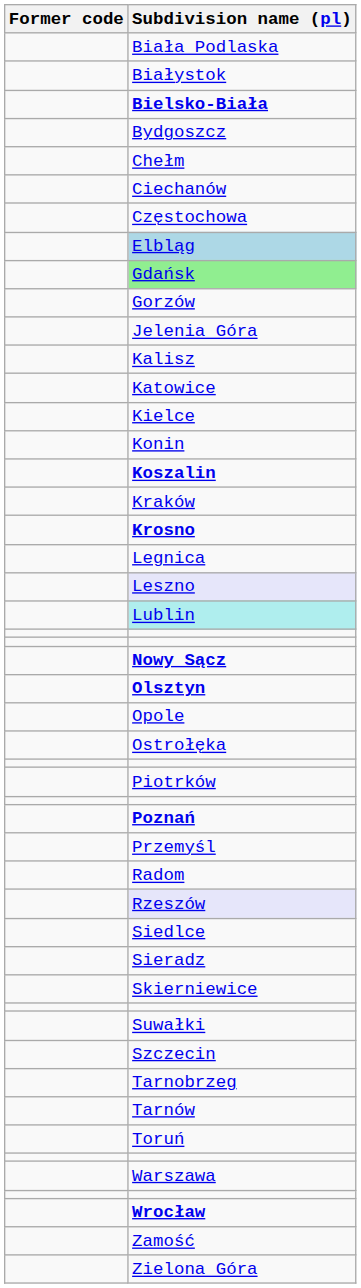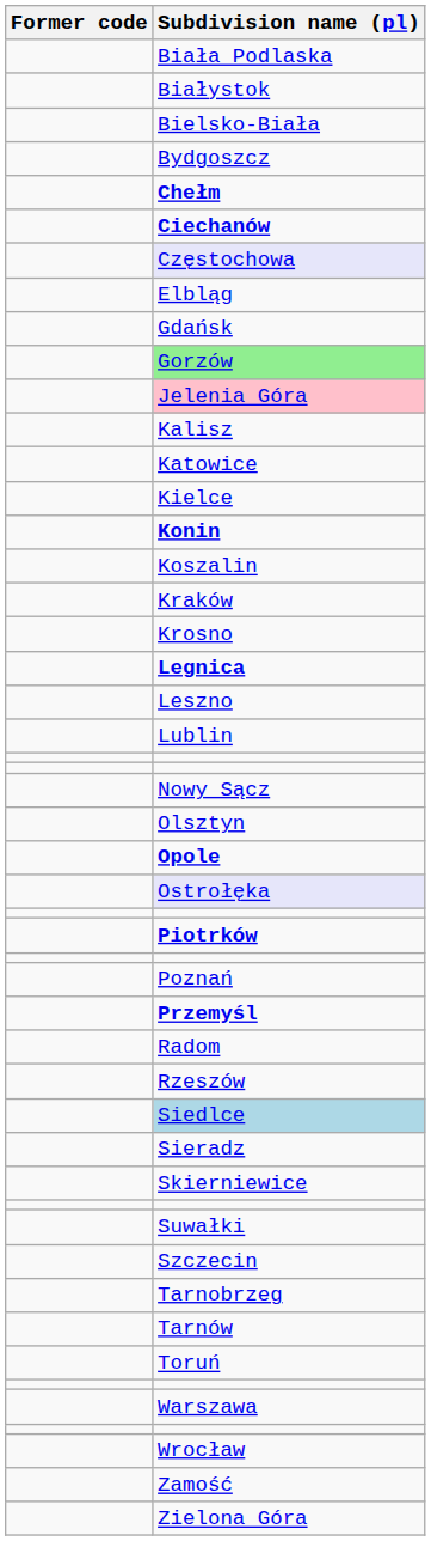 <table class="wikitable sortable mw-collapsible">
 <tr>
 <th>Former code</th>
 <th>Subdivision name (<a href='#'>pl</a>)</th>
 </tr>
 <tr>
 <td></td>
 <td><a href='#'>Biała Podlaska</a></td>
 </tr>
 <tr>
 <td></td>
 <td><a href='#'>Białystok</a></td>
 </tr>
 <tr>
 <td></td>
-<td><strong><a href='#'>Bielsko-Biała</a></strong></td>
+<td><a href='#'>Bielsko-Biała</a></td>
 </tr>
 <tr>
 <td></td>
 <td><a href='#'>Bydgoszcz</a></td>
 </tr>
 <tr>
 <td></td>
-<td><a href='#'>Chełm</a></td>
+<td><strong><a href='#'>Chełm</a></strong></td>
 </tr>
 <tr>
 <td></td>
-<td><a href='#'>Ciechanów</a></td>
+<td><strong><a href='#'>Ciechanów</a></strong></td>
 </tr>
 <tr>
 <td></td>
-<td><a href='#'>Częstochowa</a></td>
+<td style="background: lavender;"><a href='#'>Częstochowa</a></td>
 </tr>
 <tr>
 <td></td>
-<td style="background: lightblue;"><a href='#'>Elbląg</a></td>
+<td><a href='#'>Elbląg</a></td>
 </tr>
 <tr>
 <td></td>
-<td style="background: lightgreen;"><a href='#'>Gdańsk</a></td>
+<td><a href='#'>Gdańsk</a></td>
 </tr>
 <tr>
 <td></td>
-<td><a href='#'>Gorzów</a></td>
+<td style="background: lightgreen;"><a href='#'>Gorzów</a></td>
 </tr>
 <tr>
 <td></td>
-<td><a href='#'>Jelenia Góra</a></td>
+<td style="background: pink;"><a href='#'>Jelenia Góra</a></td>
 </tr>
 <tr>
 <td></td>
 <td><a href='#'>Kalisz</a></td>
 </tr>
 <tr>
 <td></td>
 <td><a href='#'>Katowice</a></td>
 </tr>
 <tr>
 <td></td>
 <td><a href='#'>Kielce</a></td>
 </tr>
 <tr>
 <td></td>
-<td><a href='#'>Konin</a></td>
+<td><strong><a href='#'>Konin</a></strong></td>
 </tr>
 <tr>
 <td></td>
-<td><strong><a href='#'>Koszalin</a></strong></td>
+<td><a href='#'>Koszalin</a></td>
 </tr>
 <tr>
 <td></td>
 <td><a href='#'>Kraków</a></td>
 </tr>
 <tr>
 <td></td>
-<td><strong><a href='#'>Krosno</a></strong></td>
+<td><a href='#'>Krosno</a></td>
 </tr>
 <tr>
 <td></td>
-<td><a href='#'>Legnica</a></td>
+<td><strong><a href='#'>Legnica</a></strong></td>
 </tr>
 <tr>
 <td></td>
-<td style="background: lavender;"><a href='#'>Leszno</a></td>
+<td><a href='#'>Leszno</a></td>
 </tr>
 <tr>
 <td></td>
-<td style="background: paleturquoise;"><a href='#'>Lublin</a></td>
+<td><a href='#'>Lublin</a></td>
 </tr>
 <tr>
 <td></td>
 <td></td>
 </tr>
 <tr>
 <td></td>
 <td></td>
 </tr>
 <tr>
 <td></td>
-<td><strong><a href='#'>Nowy Sącz</a></strong></td>
+<td><a href='#'>Nowy Sącz</a></td>
 </tr>
 <tr>
 <td></td>
-<td><strong><a href='#'>Olsztyn</a></strong></td>
+<td><a href='#'>Olsztyn</a></td>
 </tr>
 <tr>
 <td></td>
-<td><a href='#'>Opole</a></td>
+<td><strong><a href='#'>Opole</a></strong></td>
 </tr>
 <tr>
 <td></td>
-<td><a href='#'>Ostrołęka</a></td>
+<td style="background: lavender;"><a href='#'>Ostrołęka</a></td>
 </tr>
 <tr>
 <td></td>
 <td></td>
 </tr>
 <tr>
 <td></td>
-<td><a href='#'>Piotrków</a></td>
+<td><strong><a href='#'>Piotrków</a></strong></td>
 </tr>
 <tr>
 <td></td>
 <td></td>
 </tr>
 <tr>
 <td></td>
-<td><strong><a href='#'>Poznań</a></strong></td>
+<td><a href='#'>Poznań</a></td>
 </tr>
 <tr>
 <td></td>
-<td><a href='#'>Przemyśl</a></td>
+<td><strong><a href='#'>Przemyśl</a></strong></td>
 </tr>
 <tr>
 <td></td>
 <td><a href='#'>Radom</a></td>
 </tr>
 <tr>
 <td></td>
-<td style="background: lavender;"><a href='#'>Rzeszów</a></td>
+<td><a href='#'>Rzeszów</a></td>
 </tr>
 <tr>
 <td></td>
-<td><a href='#'>Siedlce</a></td>
+<td style="background: lightblue;"><a href='#'>Siedlce</a></td>
 </tr>
 <tr>
 <td></td>
 <td><a href='#'>Sieradz</a></td>
 </tr>
 <tr>
 <td></td>
 <td><a href='#'>Skierniewice</a></td>
 </tr>
 <tr>
 <td></td>
 <td></td>
 </tr>
 <tr>
 <td></td>
 <td><a href='#'>Suwałki</a></td>
 </tr>
 <tr>
 <td></td>
 <td><a href='#'>Szczecin</a></td>
 </tr>
 <tr>
 <td></td>
 <td><a href='#'>Tarnobrzeg</a></td>
 </tr>
 <tr>
 <td></td>
 <td><a href='#'>Tarnów</a></td>
 </tr>
 <tr>
 <td></td>
 <td><a href='#'>Toruń</a></td>
 </tr>
 <tr>
 <td></td>
 <td></td>
 </tr>
 <tr>
 <td></td>
 <td><a href='#'>Warszawa</a></td>
 </tr>
 <tr>
 <td></td>
 <td></td>
 </tr>
 <tr>
 <td></td>
-<td><strong><a href='#'>Wrocław</a></strong></td>
+<td><a href='#'>Wrocław</a></td>
 </tr>
 <tr>
 <td></td>
 <td><a href='#'>Zamość</a></td>
 </tr>
 <tr>
 <td></td>
 <td><a href='#'>Zielona Góra</a></td>
 </tr>
 </table>
